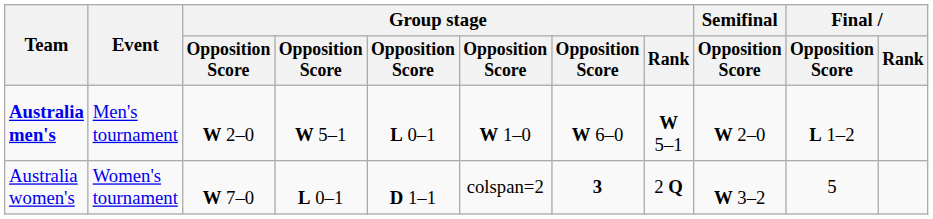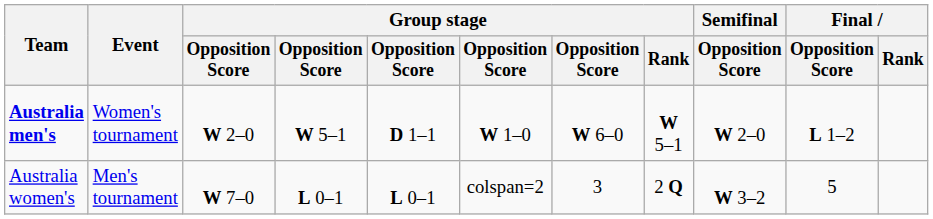 <table class="wikitable" style="font-size:90%">
 <tr>
 <th rowspan=2>Team</th>
 <th rowspan=2>Event</th>
 <th colspan=6>Group stage</th>
 <th>Semifinal</th>
 <th colspan=2>Final / </th>
 </tr>
 <tr style="font-size:95%">
 <th>Opposition<br>Score</th>
 <th>Opposition<br>Score</th>
 <th>Opposition<br>Score</th>
 <th>Opposition<br>Score</th>
 <th>Opposition<br>Score</th>
 <th>Rank</th>
 <th>Opposition<br>Score</th>
 <th>Opposition<br>Score</th>
 <th>Rank</th>
 </tr>
 <tr align=center>
 <td align=left><strong><a href='#'>Australia men's</a></strong></td>
-<td align=left><a href='#'>Men's tournament</a></td>
+<td align=left><a href='#'>Women's tournament</a></td>
 <td><br><strong>W</strong> 2–0</td>
 <td><br><strong>W</strong> 5–1</td>
-<td><br><strong>L</strong> 0–1</td>
+<td><br><strong>D</strong> 1–1</td>
 <td><br><strong>W</strong> 1–0</td>
 <td><br><strong>W</strong> 6–0</td>
 <td><br><strong>W</strong> 5–1</td>
 <td><br><strong>W</strong> 2–0</td>
 <td><br><strong>L</strong> 1–2</td>
 <td></td>
 </tr>
 <tr align=center>
 <td align=left><a href='#'>Australia women's</a></td>
-<td align=left><a href='#'>Women's tournament</a></td>
+<td align=left><a href='#'>Men's tournament</a></td>
 <td><br><strong>W</strong> 7–0</td>
 <td><br><strong>L</strong> 0–1</td>
-<td><br><strong>D</strong> 1–1</td>
+<td><br><strong>L</strong> 0–1</td>
 <td>colspan=2</td>
-<td><strong>3</strong></td>
+<td>3</td>
 <td>2 <strong>Q</strong></td>
 <td><br><strong>W</strong> 3–2</td>
 <td>5</td>
 </tr>
 </table>
